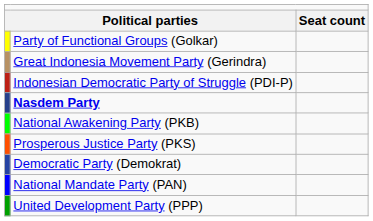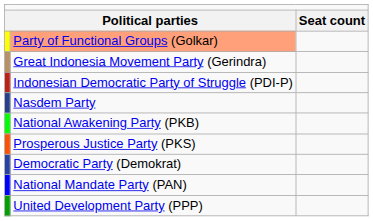 <table class="wikitable">
 <tr>
 <td colspan="4"></td>
 </tr>
 <tr>
 <th colspan="2">Political parties</th>
 <th>Seat count</th>
 </tr>
 <tr>
 <td bgcolor=#FFFF00></td>
-<td><a href='#'>Party of Functional Groups</a> (Golkar)</td>
+<td style="background: lightsalmon;"><a href='#'>Party of Functional Groups</a> (Golkar)</td>
 <td></td>
 </tr>
 <tr>
 <td bgcolor=#B79164></td>
 <td><a href='#'>Great Indonesia Movement Party</a> (Gerindra)</td>
 <td></td>
 </tr>
 <tr>
 <td bgcolor=#BD2016></td>
 <td><a href='#'>Indonesian Democratic Party of Struggle</a> (PDI-P)</td>
 <td></td>
 </tr>
 <tr>
 <td bgcolor=#27408B></td>
-<td><strong><a href='#'>Nasdem Party</a></strong></td>
+<td><a href='#'>Nasdem Party</a></td>
 <td></td>
 </tr>
 <tr>
 <td bgcolor=#00FF00></td>
 <td><a href='#'>National Awakening Party</a> (PKB)</td>
 <td></td>
 </tr>
 <tr>
 <td bgcolor=#FF4F00></td>
 <td><a href='#'>Prosperous Justice Party</a> (PKS)</td>
 <td></td>
 </tr>
 <tr>
 <td bgcolor=#2643A3></td>
 <td><a href='#'>Democratic Party</a> (Demokrat)</td>
 <td></td>
 </tr>
 <tr>
 <td bgcolor=#0000FF></td>
 <td><a href='#'>National Mandate Party</a> (PAN)</td>
 <td></td>
 </tr>
 <tr>
 <td bgcolor=#00A100></td>
 <td><a href='#'>United Development Party</a> (PPP)</td>
 <td></td>
 </tr>
 </table>
